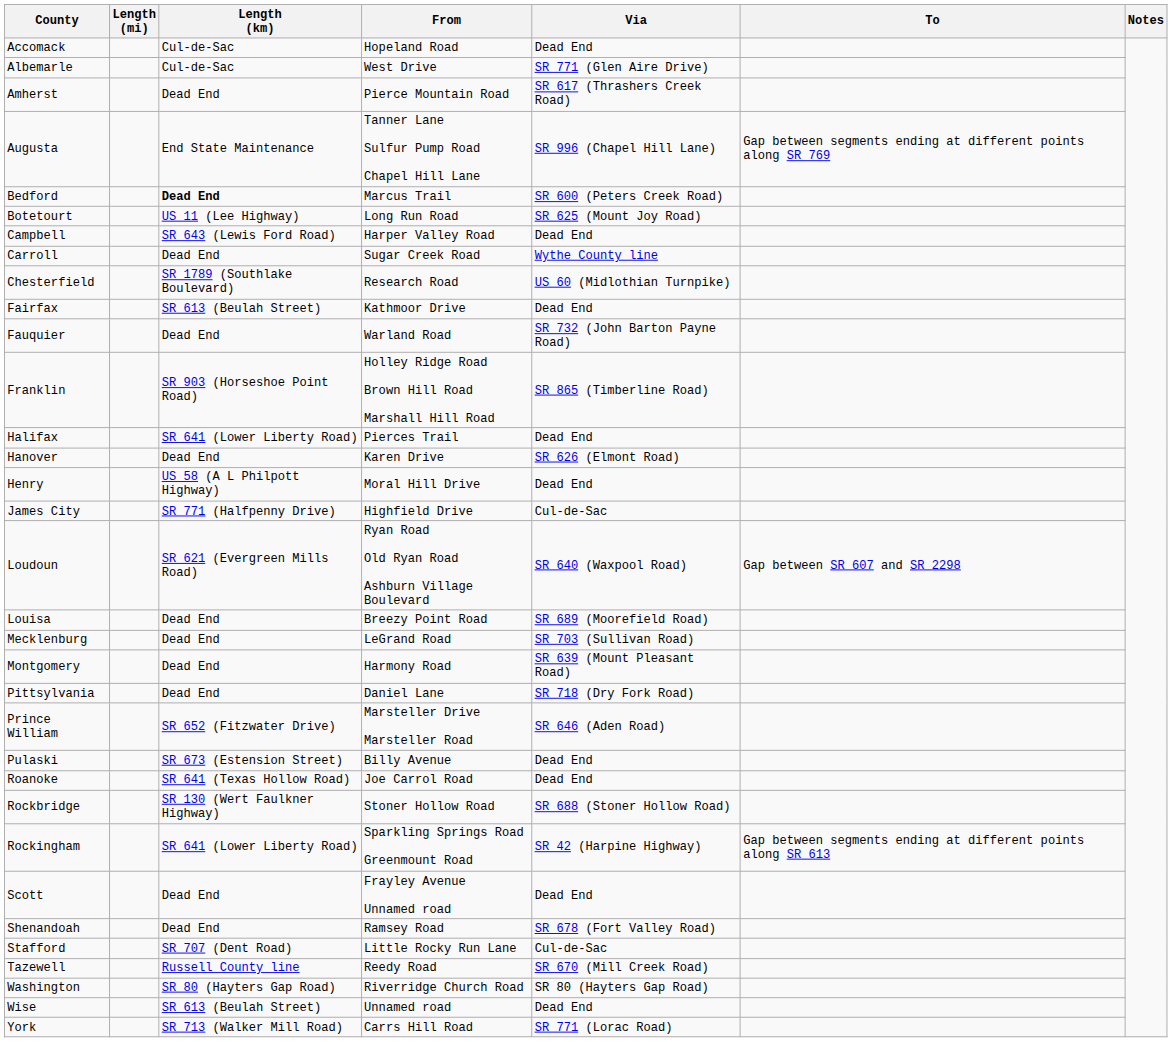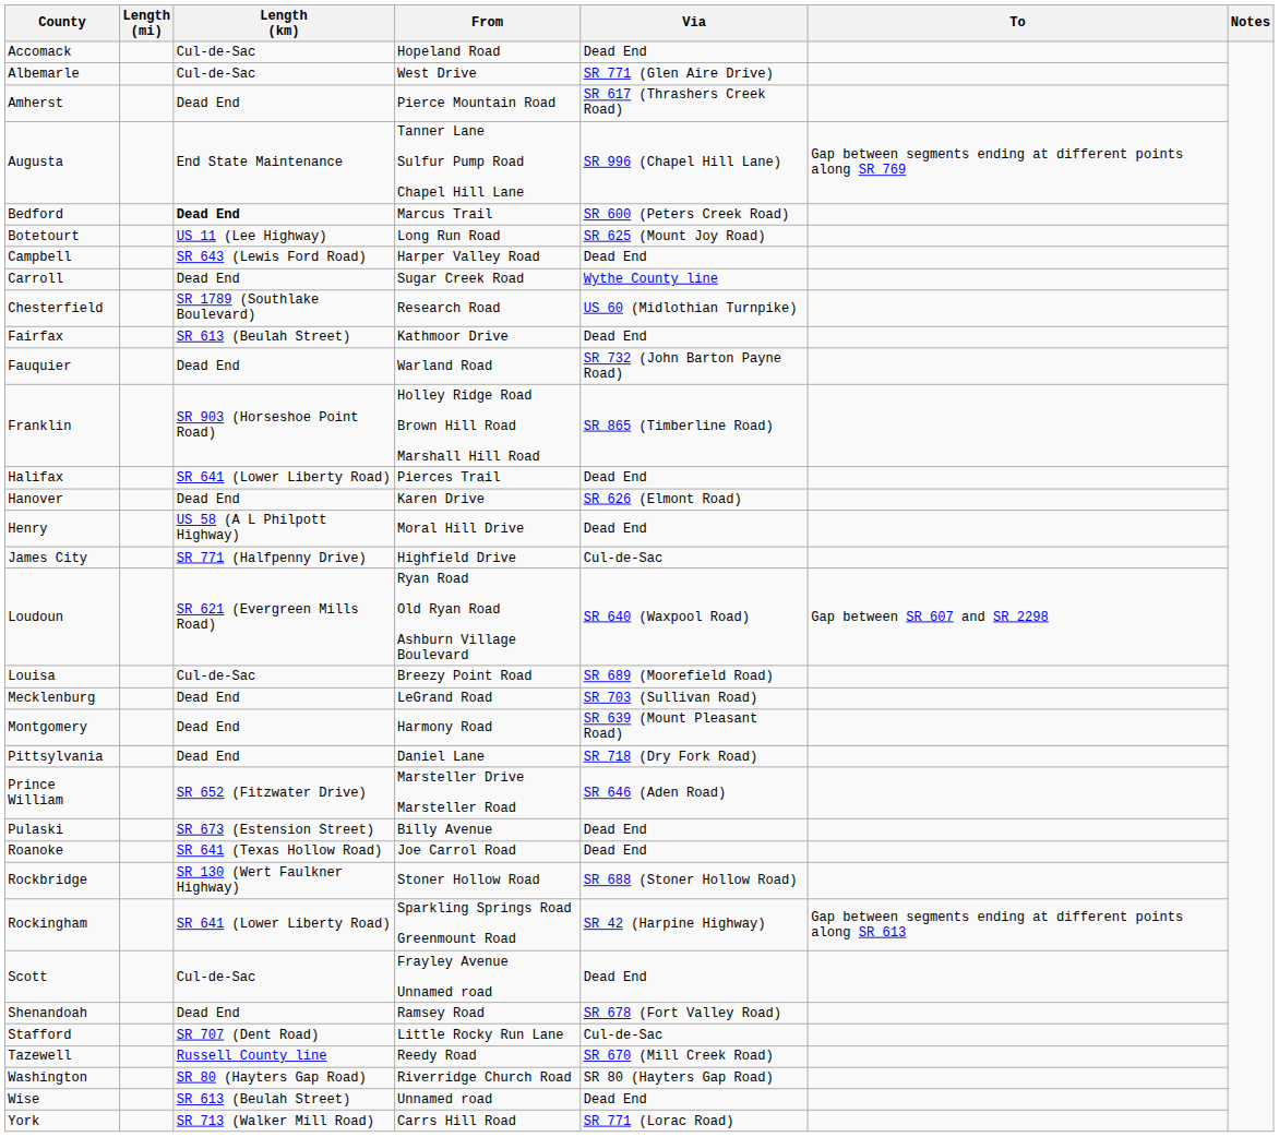 <table class="wikitable sortable">
 <tr>
 <th>County</th>
 <th>Length<br>(mi)</th>
 <th>Length<br>(km)</th>
 <th class="unsortable">From</th>
 <th class="unsortable">Via</th>
 <th class="unsortable">To</th>
 <th class="unsortable">Notes</th>
 </tr>
 <tr>
 <td id="Accomack">Accomack</td>
 <td></td>
 <td>Cul-de-Sac</td>
 <td>Hopeland Road</td>
 <td>Dead End</td>
 <td></td>
 </tr>
 <tr>
 <td id="Albemarle">Albemarle</td>
 <td></td>
 <td>Cul-de-Sac</td>
 <td>West Drive</td>
 <td><a href='#'>SR 771</a> (Glen Aire Drive)</td>
 <td><br> </td>
 </tr>
 <tr>
 <td id="Amherst">Amherst</td>
 <td></td>
 <td>Dead End</td>
 <td>Pierce Mountain Road</td>
 <td><a href='#'>SR 617</a> (Thrashers Creek Road)</td>
 <td><br> </td>
 </tr>
 <tr>
 <td id="Augusta">Augusta</td>
 <td></td>
 <td>End State Maintenance</td>
 <td>Tanner Lane<br><br>Sulfur Pump Road<br><br>Chapel Hill Lane</td>
 <td><a href='#'>SR 996</a> (Chapel Hill Lane)</td>
 <td>Gap between segments ending at different points along <a href='#'>SR 769</a><br></td>
 </tr>
 <tr>
 <td id="Bedford">Bedford</td>
 <td></td>
 <td><strong>Dead End</strong></td>
 <td>Marcus Trail</td>
 <td><a href='#'>SR 600</a> (Peters Creek Road)</td>
 <td><br></td>
 </tr>
 <tr>
 <td id="Botetourt">Botetourt</td>
 <td></td>
 <td><a href='#'>US 11</a> (Lee Highway)</td>
 <td>Long Run Road</td>
 <td><a href='#'>SR 625</a> (Mount Joy Road)</td>
 <td><br>  </td>
 </tr>
 <tr>
 <td id="Campbell">Campbell</td>
 <td></td>
 <td><a href='#'>SR 643</a> (Lewis Ford Road)</td>
 <td>Harper Valley Road</td>
 <td>Dead End</td>
 <td><br></td>
 </tr>
 <tr>
 <td id="Carroll">Carroll</td>
 <td></td>
 <td>Dead End</td>
 <td>Sugar Creek Road</td>
 <td><a href='#'>Wythe County line</a></td>
 <td><br> </td>
 </tr>
 <tr>
 <td id="Chesterfield">Chesterfield</td>
 <td></td>
 <td><a href='#'>SR 1789</a> (Southlake Boulevard)</td>
 <td>Research Road</td>
 <td><a href='#'>US 60</a> (Midlothian Turnpike)</td>
 <td><br>      </td>
 </tr>
 <tr>
 <td id="Fairfax">Fairfax</td>
 <td></td>
 <td><a href='#'>SR 613</a> (Beulah Street)</td>
 <td>Kathmoor Drive</td>
 <td>Dead End</td>
 <td></td>
 </tr>
 <tr>
 <td id="Fauquier">Fauquier</td>
 <td></td>
 <td>Dead End</td>
 <td>Warland Road</td>
 <td><a href='#'>SR 732</a> (John Barton Payne Road)</td>
 <td><br> </td>
 </tr>
 <tr>
 <td id="Franklin">Franklin</td>
 <td></td>
 <td><a href='#'>SR 903</a> (Horseshoe Point Road)</td>
 <td>Holley Ridge Road<br><br>Brown Hill Road<br><br>Marshall Hill Road</td>
 <td><a href='#'>SR 865</a> (Timberline Road)</td>
 <td><br>      </td>
 </tr>
 <tr>
 <td id="Halifax">Halifax</td>
 <td></td>
 <td><a href='#'>SR 641</a> (Lower Liberty Road)</td>
 <td>Pierces Trail</td>
 <td>Dead End</td>
 <td></td>
 </tr>
 <tr>
 <td id="Hanover">Hanover</td>
 <td></td>
 <td>Dead End</td>
 <td>Karen Drive</td>
 <td><a href='#'>SR 626</a> (Elmont Road)</td>
 <td><br></td>
 </tr>
 <tr>
 <td id="Henry">Henry</td>
 <td></td>
 <td><a href='#'>US 58</a> (A L Philpott Highway)</td>
 <td>Moral Hill Drive</td>
 <td>Dead End</td>
 <td><br> </td>
 </tr>
 <tr>
 <td id="James City">James City</td>
 <td></td>
 <td><a href='#'>SR 771</a> (Halfpenny Drive)</td>
 <td>Highfield Drive</td>
 <td>Cul-de-Sac</td>
 <td><br>    </td>
 </tr>
 <tr>
 <td id="Loudoun">Loudoun</td>
 <td></td>
 <td><a href='#'>SR 621</a> (Evergreen Mills Road)</td>
 <td>Ryan Road<br><br>Old Ryan Road<br><br>Ashburn Village Boulevard</td>
 <td><a href='#'>SR 640</a> (Waxpool Road)</td>
 <td>Gap between <a href='#'>SR 607</a> and <a href='#'>SR 2298</a></td>
 </tr>
 <tr>
 <td id="Louisa">Louisa</td>
 <td></td>
-<td>Dead End</td>
+<td>Cul-de-Sac</td>
 <td>Breezy Point Road</td>
 <td><a href='#'>SR 689</a> (Moorefield Road)</td>
 <td><br>  </td>
 </tr>
 <tr>
 <td id="Mecklenburg">Mecklenburg</td>
 <td></td>
 <td>Dead End</td>
 <td>LeGrand Road</td>
 <td><a href='#'>SR 703</a> (Sullivan Road)</td>
 <td><br></td>
 </tr>
 <tr>
 <td id="Montgomery">Montgomery</td>
 <td></td>
 <td>Dead End</td>
 <td>Harmony Road</td>
 <td><a href='#'>SR 639</a> (Mount Pleasant Road)</td>
 <td><br>       </td>
 </tr>
 <tr>
 <td id="Pittsylvania">Pittsylvania</td>
 <td></td>
 <td>Dead End</td>
 <td>Daniel Lane</td>
 <td><a href='#'>SR 718</a> (Dry Fork Road)</td>
 <td><br>  </td>
 </tr>
 <tr>
 <td id="Prince William">Prince William</td>
 <td></td>
 <td><a href='#'>SR 652</a> (Fitzwater Drive)</td>
 <td>Marsteller Drive<br><br>Marsteller Road</td>
 <td><a href='#'>SR 646</a> (Aden Road)</td>
 <td></td>
 </tr>
 <tr>
 <td id="Pulaski">Pulaski</td>
 <td></td>
 <td><a href='#'>SR 673</a> (Estension Street)</td>
 <td>Billy Avenue</td>
 <td>Dead End</td>
 <td><br> </td>
 </tr>
 <tr>
 <td id="Roanoke">Roanoke</td>
 <td></td>
 <td><a href='#'>SR 641</a> (Texas Hollow Road)</td>
 <td>Joe Carrol Road</td>
 <td>Dead End</td>
 <td></td>
 </tr>
 <tr>
 <td id="Rockbridge">Rockbridge</td>
 <td></td>
 <td><a href='#'>SR 130</a> (Wert Faulkner Highway)</td>
 <td>Stoner Hollow Road</td>
 <td><a href='#'>SR 688</a> (Stoner Hollow Road)</td>
 <td></td>
 </tr>
 <tr>
 <td id="Rockingham">Rockingham</td>
 <td></td>
 <td><a href='#'>SR 641</a> (Lower Liberty Road)</td>
 <td>Sparkling Springs Road<br><br>Greenmount Road</td>
 <td><a href='#'>SR 42</a> (Harpine Highway)</td>
 <td>Gap between segments ending at different points along <a href='#'>SR 613</a><br></td>
 </tr>
 <tr>
 <td id="Scott">Scott</td>
 <td></td>
-<td>Dead End</td>
+<td>Cul-de-Sac</td>
 <td>Frayley Avenue<br><br>Unnamed road</td>
 <td>Dead End</td>
 <td></td>
 </tr>
 <tr>
 <td id="Shenandoah">Shenandoah</td>
 <td></td>
 <td>Dead End</td>
 <td>Ramsey Road</td>
 <td><a href='#'>SR 678</a> (Fort Valley Road)</td>
 <td><br>  </td>
 </tr>
 <tr>
 <td id="Stafford">Stafford</td>
 <td></td>
 <td><a href='#'>SR 707</a> (Dent Road)</td>
 <td>Little Rocky Run Lane</td>
 <td>Cul-de-Sac</td>
 <td><br> </td>
 </tr>
 <tr>
 <td id="Tazewell">Tazewell</td>
 <td></td>
 <td><a href='#'>Russell County line</a></td>
 <td>Reedy Road</td>
 <td><a href='#'>SR 670</a> (Mill Creek Road)</td>
 <td><br></td>
 </tr>
 <tr>
 <td id="Washington">Washington</td>
 <td></td>
 <td><a href='#'>SR 80</a> (Hayters Gap Road)</td>
 <td>Riverridge Church Road</td>
 <td>SR 80 (Hayters Gap Road)</td>
 <td><br></td>
 </tr>
 <tr>
 <td id="Wise">Wise</td>
 <td></td>
 <td><a href='#'>SR 613</a> (Beulah Street)</td>
 <td>Unnamed road</td>
 <td>Dead End</td>
 <td><br></td>
 </tr>
 <tr>
 <td id="York">York</td>
 <td></td>
 <td><a href='#'>SR 713</a> (Walker Mill Road)</td>
 <td>Carrs Hill Road</td>
 <td><a href='#'>SR 771</a> (Lorac Road)</td>
 <td></td>
 </tr>
 </table>
